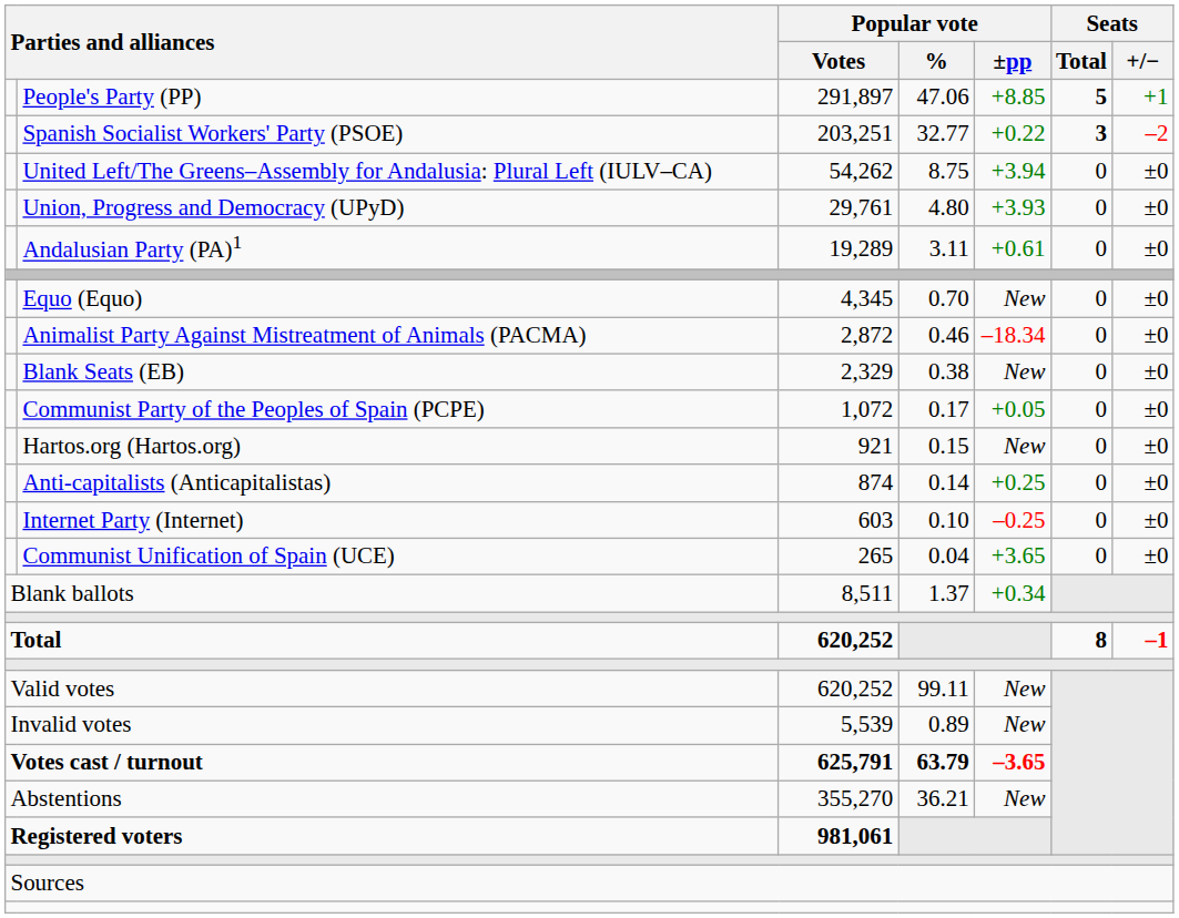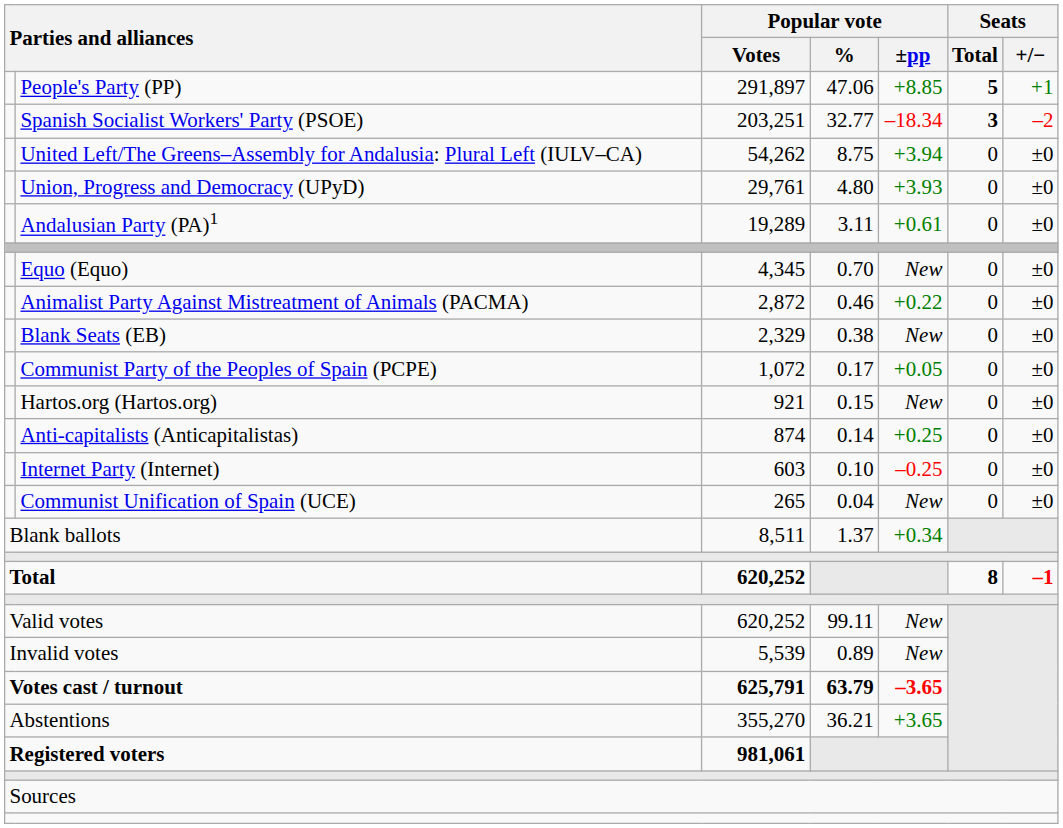 <table class="wikitable" style="text-align:right;">
 <tr>
 <th style="text-align:left;" rowspan="2" colspan="2" width="525">Parties and alliances</th>
 <th colspan="3">Popular vote</th>
 <th colspan="2">Seats</th>
 </tr>
 <tr>
 <th width="75">Votes</th>
 <th width="45">%</th>
 <th width="45">±<a href='#'>pp</a></th>
 <th width="35">Total</th>
 <th width="35">+/−</th>
 </tr>
 <tr>
 <td width="1" style="color:inherit;background:"></td>
 <td align="left"><a href='#'>People's Party</a> (PP)</td>
 <td>291,897</td>
 <td>47.06</td>
 <td style="color:green;">+8.85</td>
 <td><strong>5</strong></td>
 <td style="color:green;">+1</td>
 </tr>
 <tr>
 <td style="color:inherit;background:"></td>
 <td align="left"><a href='#'>Spanish Socialist Workers' Party</a> (PSOE)</td>
 <td>203,251</td>
 <td>32.77</td>
-<td style="color:green;">+0.22</td>
+<td style="color:red;">–18.34</td>
 <td><strong>3</strong></td>
 <td style="color:red;">–2</td>
 </tr>
 <tr>
 <td style="color:inherit;background:"></td>
 <td align="left"><a href='#'>United Left/The Greens–Assembly for Andalusia</a>: <a href='#'>Plural Left</a> (IULV–CA)</td>
 <td>54,262</td>
 <td>8.75</td>
 <td style="color:green;">+3.94</td>
 <td>0</td>
 <td>±0</td>
 </tr>
 <tr>
 <td style="color:inherit;background:"></td>
 <td align="left"><a href='#'>Union, Progress and Democracy</a> (UPyD)</td>
 <td>29,761</td>
 <td>4.80</td>
 <td style="color:green;">+3.93</td>
 <td>0</td>
 <td>±0</td>
 </tr>
 <tr>
 <td style="color:inherit;background:"></td>
 <td align="left"><a href='#'>Andalusian Party</a> (PA)<sup>1</sup></td>
 <td>19,289</td>
 <td>3.11</td>
 <td style="color:green;">+0.61</td>
 <td>0</td>
 <td>±0</td>
 </tr>
 <tr>
 <td colspan="7" bgcolor="#C0C0C0"></td>
 </tr>
 <tr>
 <td style="color:inherit;background:"></td>
 <td align="left"><a href='#'>Equo</a> (Equo)</td>
 <td>4,345</td>
 <td>0.70</td>
 <td><em>New</em></td>
 <td>0</td>
 <td>±0</td>
 </tr>
 <tr>
 <td style="color:inherit;background:"></td>
 <td align="left"><a href='#'>Animalist Party Against Mistreatment of Animals</a> (PACMA)</td>
 <td>2,872</td>
 <td>0.46</td>
-<td style="color:red;">–18.34</td>
+<td style="color:green;">+0.22</td>
 <td>0</td>
 <td>±0</td>
 </tr>
 <tr>
 <td style="color:inherit;background:"></td>
 <td align="left"><a href='#'>Blank Seats</a> (EB)</td>
 <td>2,329</td>
 <td>0.38</td>
 <td><em>New</em></td>
 <td>0</td>
 <td>±0</td>
 </tr>
 <tr>
 <td style="color:inherit;background:"></td>
 <td align="left"><a href='#'>Communist Party of the Peoples of Spain</a> (PCPE)</td>
 <td>1,072</td>
 <td>0.17</td>
 <td style="color:green;">+0.05</td>
 <td>0</td>
 <td>±0</td>
 </tr>
 <tr>
 <td style="color:inherit;background:"></td>
 <td align="left">Hartos.org (Hartos.org)</td>
 <td>921</td>
 <td>0.15</td>
 <td><em>New</em></td>
 <td>0</td>
 <td>±0</td>
 </tr>
 <tr>
 <td style="color:inherit;background:"></td>
 <td align="left"><a href='#'>Anti-capitalists</a> (Anticapitalistas)</td>
 <td>874</td>
 <td>0.14</td>
 <td style="color:green;">+0.25</td>
 <td>0</td>
 <td>±0</td>
 </tr>
 <tr>
 <td style="color:inherit;background:"></td>
 <td align="left"><a href='#'>Internet Party</a> (Internet)</td>
 <td>603</td>
 <td>0.10</td>
 <td style="color:red;">–0.25</td>
 <td>0</td>
 <td>±0</td>
 </tr>
 <tr>
 <td style="color:inherit;background:"></td>
 <td align="left"><a href='#'>Communist Unification of Spain</a> (UCE)</td>
 <td>265</td>
 <td>0.04</td>
-<td style="color:green;">+3.65</td>
+<td><em>New</em></td>
 <td>0</td>
 <td>±0</td>
 </tr>
 <tr>
 <td align="left" colspan="2">Blank ballots</td>
 <td>8,511</td>
 <td>1.37</td>
 <td style="color:green;">+0.34</td>
 <td bgcolor="#E9E9E9" colspan="2"></td>
 </tr>
 <tr>
 <td colspan="7" bgcolor="#E9E9E9"></td>
 </tr>
 <tr style="font-weight:bold;">
 <td align="left" colspan="2">Total</td>
 <td>620,252</td>
 <td bgcolor="#E9E9E9" colspan="2"></td>
 <td>8</td>
 <td style="color:red;">–1</td>
 </tr>
 <tr>
 <td colspan="7" bgcolor="#E9E9E9"></td>
 </tr>
 <tr>
 <td align="left" colspan="2">Valid votes</td>
 <td>620,252</td>
 <td>99.11</td>
 <td><em>New</em></td>
 <td bgcolor="#E9E9E9" colspan="2" rowspan="5"></td>
 </tr>
 <tr>
 <td align="left" colspan="2">Invalid votes</td>
 <td>5,539</td>
 <td>0.89</td>
 <td><em>New</em></td>
 </tr>
 <tr style="font-weight:bold;">
 <td align="left" colspan="2">Votes cast / turnout</td>
 <td>625,791</td>
 <td>63.79</td>
 <td style="color:red;">–3.65</td>
 </tr>
 <tr>
 <td align="left" colspan="2">Abstentions</td>
 <td>355,270</td>
 <td>36.21</td>
-<td><em>New</em></td>
+<td style="color:green;">+3.65</td>
 </tr>
 <tr style="font-weight:bold;">
 <td align="left" colspan="2">Registered voters</td>
 <td>981,061</td>
 <td bgcolor="#E9E9E9" colspan="2"></td>
 </tr>
 <tr>
 <td colspan="7" bgcolor="#E9E9E9"></td>
 </tr>
 <tr>
 <td align="left" colspan="7">Sources</td>
 </tr>
 <tr>
 <td colspan="7" style="text-align:left; max-width:790px;"></td>
 </tr>
 </table>
